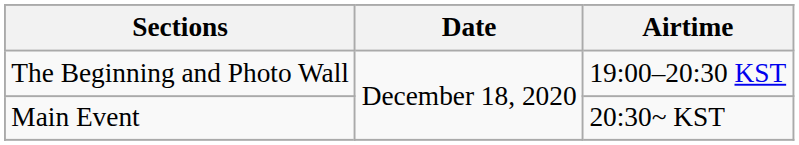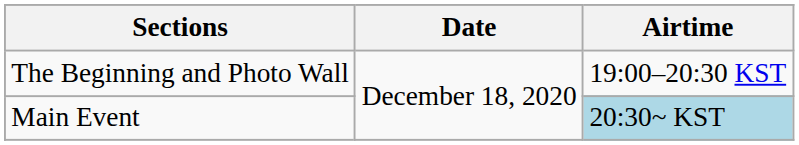 <table class="wikitable" style = "font-size: 90%;">
 <tr>
 <th>Sections</th>
 <th>Date</th>
 <th>Airtime</th>
 </tr>
 <tr>
 <td>The Beginning and Photo Wall</td>
 <td rowspan="2">December 18, 2020</td>
 <td>19:00–20:30 <a href='#'>KST</a></td>
 </tr>
 <tr>
 <td>Main Event</td>
-<td>20:30~ KST</td>
+<td style="background: lightblue;">20:30~ KST</td>
 </tr>
 </table>
